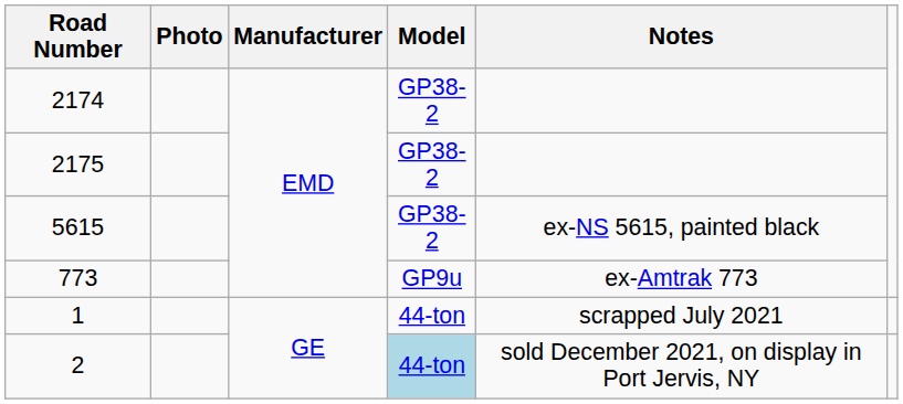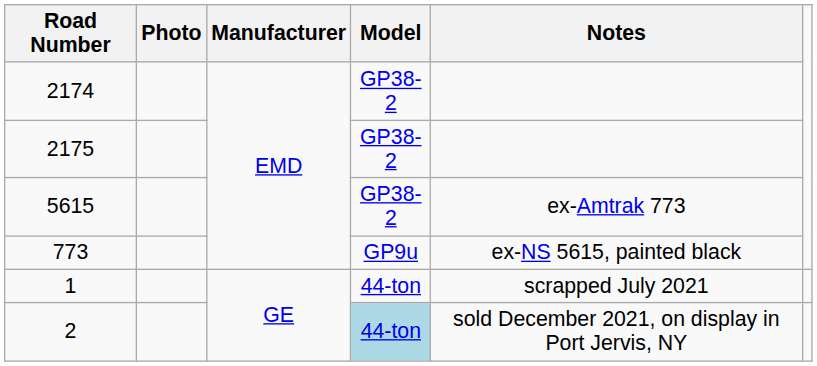 <table class="wikitable">
 <tr>
 <th>Road Number</th>
 <th>Photo</th>
 <th>Manufacturer</th>
 <th>Model</th>
 <th>Notes</th>
 </tr>
 <tr align="center">
 <td>2174</td>
 <td></td>
 <td rowspan="4"><a href='#'>EMD</a></td>
 <td><a href='#'>GP38-2</a></td>
 <td></td>
 </tr>
 <tr align="center">
 <td>2175</td>
 <td></td>
 <td><a href='#'>GP38-2</a></td>
 <td></td>
 </tr>
 <tr align="center">
 <td>5615</td>
 <td></td>
 <td><a href='#'>GP38-2</a></td>
-<td>ex-<a href='#'>NS</a> 5615, painted black</td>
+<td>ex-<a href='#'>Amtrak</a> 773</td>
 </tr>
 <tr align="center">
 <td>773</td>
 <td></td>
 <td><a href='#'>GP9u</a></td>
-<td>ex-<a href='#'>Amtrak</a> 773</td>
+<td>ex-<a href='#'>NS</a> 5615, painted black</td>
 </tr>
 <tr align="center">
 <td>1</td>
 <td></td>
 <td rowspan="2"><a href='#'>GE</a></td>
 <td><a href='#'>44-ton</a></td>
 <td>scrapped July 2021</td>
 <td></td>
 </tr>
 <tr align="center">
 <td>2</td>
 <td></td>
 <td style="background: lightblue;"><a href='#'>44-ton</a></td>
 <td>sold December 2021, on display in Port Jervis, NY</td>
 </tr>
 </table>
